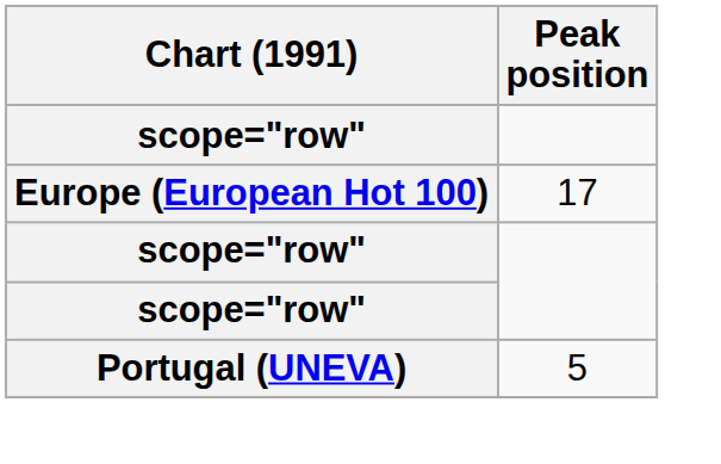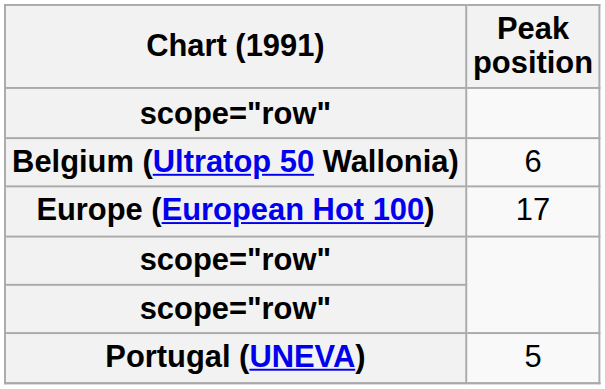 <table class="wikitable sortable plainrowheaders">
 <tr>
 <th>Chart (1991)</th>
 <th>Peak<br>position</th>
 </tr>
 <tr>
 <th>scope="row"</th>
+</tr>
+<tr>
+<th scope="row">Belgium (<a href='#'>Ultratop 50</a> Wallonia)</th>
+<td align="center">6</td>
 </tr>
 <tr>
 <th scope="row">Europe (<a href='#'>European Hot 100</a>)</th>
 <td align="center">17</td>
 </tr>
 <tr>
 <th>scope="row"</th>
 </tr>
 <tr>
 <th>scope="row"</th>
 </tr>
 <tr>
 <th scope="row">Portugal (<a href='#'>UNEVA</a>)</th>
 <td align="center">5</td>
 </tr>
 <tr>
 </tr>
 </table>
